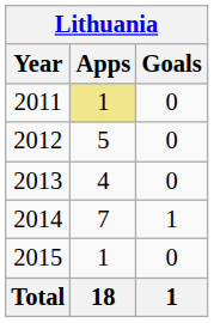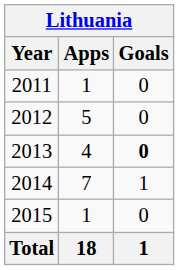 <table class="wikitable" style="text-align:center">
 <tr>
 <th colspan=3><a href='#'>Lithuania</a></th>
 </tr>
 <tr>
 <th>Year</th>
 <th>Apps</th>
 <th>Goals</th>
 </tr>
 <tr>
 <td>2011</td>
-<td style="background: khaki;">1</td>
+<td>1</td>
 <td>0</td>
 </tr>
 <tr>
 <td>2012</td>
 <td>5</td>
 <td>0</td>
 </tr>
 <tr>
 <td>2013</td>
 <td>4</td>
-<td>0</td>
+<td><strong>0</strong></td>
 </tr>
 <tr>
 <td>2014</td>
 <td>7</td>
 <td>1</td>
 </tr>
 <tr>
 <td>2015</td>
 <td>1</td>
 <td>0</td>
 </tr>
 <tr>
 <th>Total</th>
 <th>18</th>
 <th>1</th>
 </tr>
 </table>
